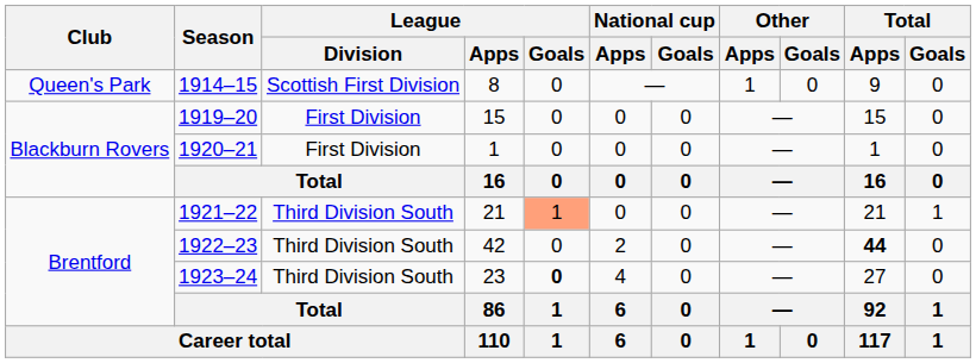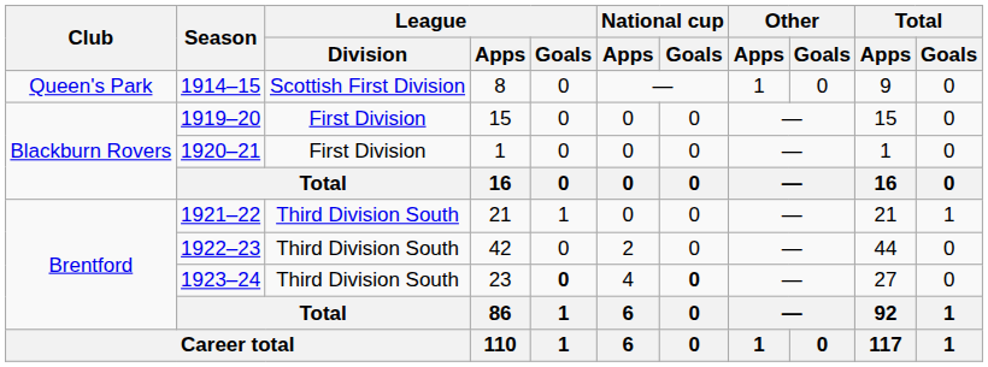 <table class="wikitable" style="text-align: center;">
 <tr>
 <th rowspan="2">Club</th>
 <th rowspan="2">Season</th>
 <th colspan="3">League</th>
 <th colspan="2">National cup</th>
 <th colspan="2">Other</th>
 <th colspan="2">Total</th>
 </tr>
 <tr>
 <th>Division</th>
 <th>Apps</th>
 <th>Goals</th>
 <th>Apps</th>
 <th>Goals</th>
 <th>Apps</th>
 <th>Goals</th>
 <th>Apps</th>
 <th>Goals</th>
 </tr>
 <tr>
 <td><a href='#'>Queen's Park</a></td>
 <td><a href='#'>1914–15</a></td>
 <td><a href='#'>Scottish First Division</a></td>
 <td>8</td>
 <td>0</td>
 <td colspan="2">—</td>
 <td>1</td>
 <td>0</td>
 <td>9</td>
 <td>0</td>
 </tr>
 <tr>
 <td rowspan="3"><a href='#'>Blackburn Rovers</a></td>
 <td><a href='#'>1919–20</a></td>
 <td><a href='#'>First Division</a></td>
 <td>15</td>
 <td>0</td>
 <td>0</td>
 <td>0</td>
 <td colspan="2">—</td>
 <td>15</td>
 <td>0</td>
 </tr>
 <tr>
 <td><a href='#'>1920–21</a></td>
 <td>First Division</td>
 <td>1</td>
 <td>0</td>
 <td>0</td>
 <td>0</td>
 <td colspan="2">—</td>
 <td>1</td>
 <td>0</td>
 </tr>
 <tr>
 <th colspan="2">Total</th>
 <th>16</th>
 <th>0</th>
 <th>0</th>
 <th>0</th>
 <th colspan="2">—</th>
 <th>16</th>
 <th>0</th>
 </tr>
 <tr>
 <td rowspan="4"><a href='#'>Brentford</a></td>
 <td><a href='#'>1921–22</a></td>
 <td><a href='#'>Third Division South</a></td>
 <td>21</td>
-<td style="background: lightsalmon;">1</td>
+<td>1</td>
 <td>0</td>
 <td>0</td>
 <td colspan="2">—</td>
 <td>21</td>
 <td>1</td>
 </tr>
 <tr>
 <td><a href='#'>1922–23</a></td>
 <td>Third Division South</td>
 <td>42</td>
 <td>0</td>
 <td>2</td>
 <td>0</td>
 <td colspan="2">—</td>
-<td><strong>44</strong></td>
+<td>44</td>
 <td>0</td>
 </tr>
 <tr>
 <td><a href='#'>1923–24</a></td>
 <td>Third Division South</td>
 <td>23</td>
 <td><strong>0</strong></td>
 <td>4</td>
-<td>0</td>
+<td><strong>0</strong></td>
 <td colspan="2">—</td>
 <td>27</td>
 <td>0</td>
 </tr>
 <tr>
 <th colspan="2">Total</th>
 <th>86</th>
 <th>1</th>
 <th>6</th>
 <th>0</th>
 <th colspan="2">—</th>
 <th>92</th>
 <th>1</th>
 </tr>
 <tr>
 <th colspan="3">Career total</th>
 <th>110</th>
 <th>1</th>
 <th>6</th>
 <th>0</th>
 <th>1</th>
 <th>0</th>
 <th>117</th>
 <th>1</th>
 </tr>
 </table>
